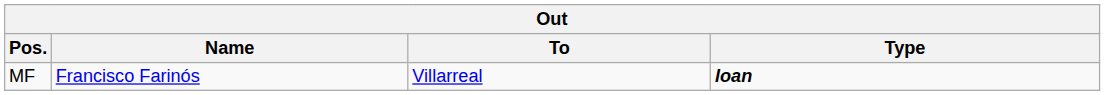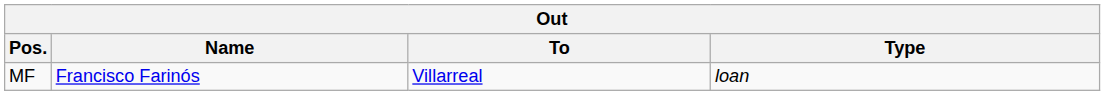 <table class="wikitable" style="font-size:90%;">
 <tr>
 <th colspan="4">Out</th>
 </tr>
 <tr>
 <th width=3%>Pos.</th>
 <th width=33%>Name</th>
 <th width=28%>To</th>
 <th width=36%>Type</th>
 </tr>
 <tr>
 <td>MF</td>
 <td><a href='#'>Francisco Farinós</a></td>
 <td><a href='#'>Villarreal</a></td>
-<td><strong><em>loan</em></strong></td>
+<td><em>loan</em></td>
 </tr>
 </table>
